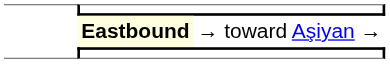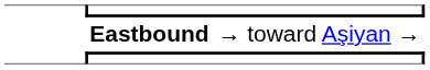 <table cellspacing=0 cellpadding=3>
 <tr>
 <td style="border-top:solid 1px gray;border-bottom:solid 1px gray;vertical-align:top;" width=50 rowspan=4></td>
 <td style="border-top:solid 1px gray;border-right:solid 2px black;border-left:solid 2px black;border-bottom:solid 2px black;text-align:center;" colspan=2></td>
 </tr>
 <tr>
-<td style="background: lightyellow;"><strong>Eastbound</strong></td>
+<td><strong>Eastbound</strong></td>
 <td><span>→</span>  toward <a href='#'>Aşiyan</a>  →</td>
 </tr>
 <tr>
 <td style="border-bottom:solid 1px gray;border-top:solid 2px black;border-right:solid 2px black;border-left:solid 2px black;text-align:center;" colspan=2></td>
 </tr>
 </table>
